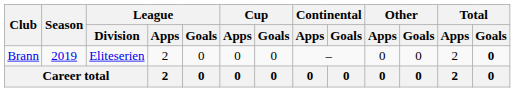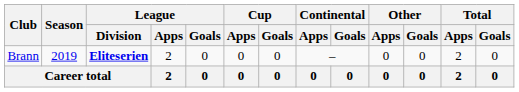 <table class="wikitable" style="text-align: center">
 <tr>
 <th rowspan="2">Club</th>
 <th rowspan="2">Season</th>
 <th colspan="3">League</th>
 <th colspan="2">Cup</th>
 <th colspan="2">Continental</th>
 <th colspan="2">Other</th>
 <th colspan="2">Total</th>
 </tr>
 <tr>
 <th>Division</th>
 <th>Apps</th>
 <th>Goals</th>
 <th>Apps</th>
 <th>Goals</th>
 <th>Apps</th>
 <th>Goals</th>
 <th>Apps</th>
 <th>Goals</th>
 <th>Apps</th>
 <th>Goals</th>
 </tr>
 <tr>
 <td><a href='#'>Brann</a></td>
 <td><a href='#'>2019</a></td>
-<td><a href='#'>Eliteserien</a></td>
+<td><strong><a href='#'>Eliteserien</a></strong></td>
 <td>2</td>
 <td>0</td>
 <td>0</td>
 <td>0</td>
 <td colspan="2">–</td>
 <td>0</td>
 <td>0</td>
 <td>2</td>
-<td><strong>0</strong></td>
+<td>0</td>
 </tr>
 <tr>
 <th colspan="3"><strong>Career total</strong></th>
 <th>2</th>
 <th>0</th>
 <th>0</th>
 <th>0</th>
 <th>0</th>
 <th>0</th>
 <th>0</th>
 <th>0</th>
 <th>2</th>
 <th>0</th>
 </tr>
 </table>
